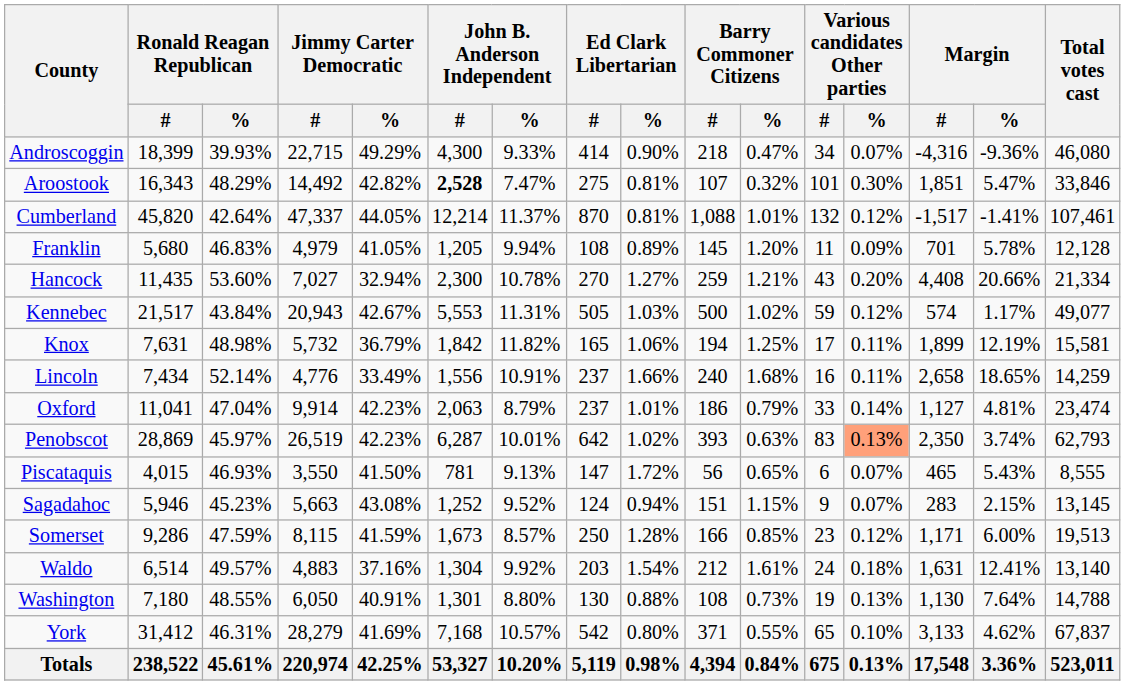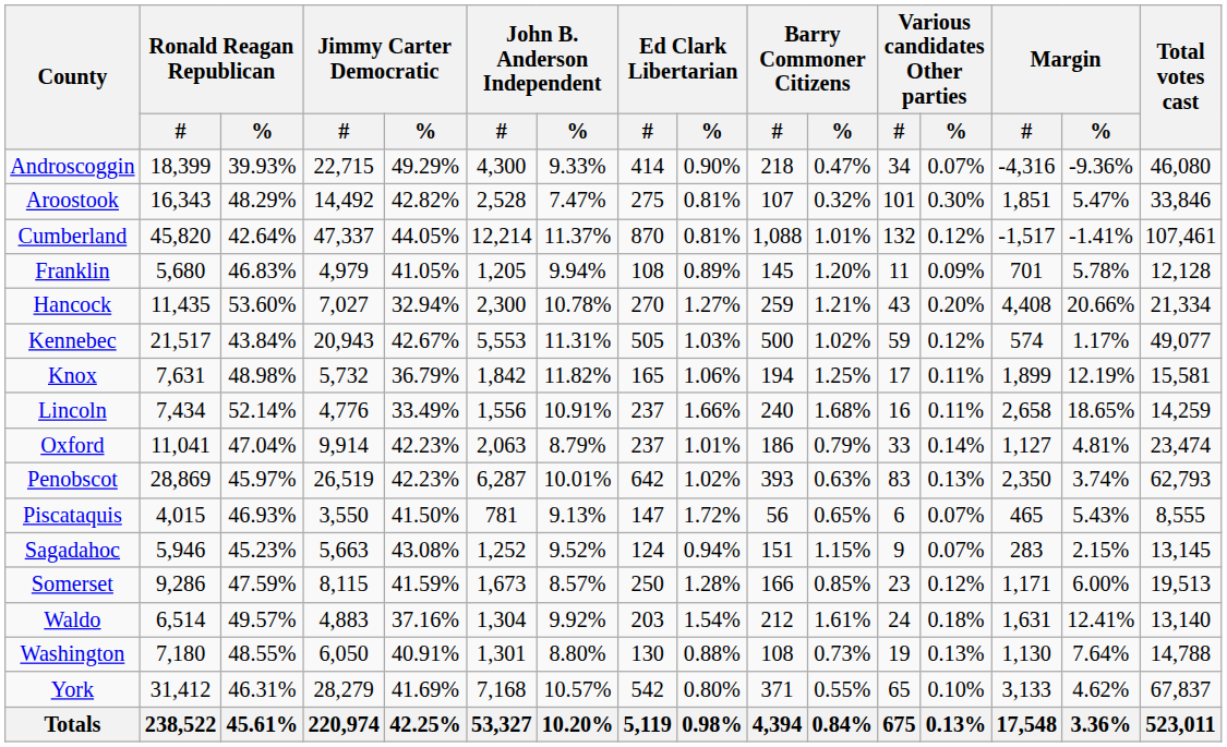 <table class="wikitable sortable" style="text-align:center">
 <tr>
 <th style="text-align:center;" rowspan="2">County</th>
 <th style="text-align:center;" colspan="2">Ronald Reagan<br>Republican</th>
 <th style="text-align:center;" colspan="2">Jimmy Carter<br>Democratic</th>
 <th style="text-align:center;" colspan="2">John B. Anderson<br>Independent</th>
 <th style="text-align:center;" colspan="2">Ed Clark<br>Libertarian</th>
 <th style="text-align:center;" colspan="2">Barry Commoner<br>Citizens</th>
 <th style="text-align:center;" colspan="2">Various candidates<br>Other parties</th>
 <th style="text-align:center;" colspan="2">Margin</th>
 <th style="text-align:center;" rowspan="2">Total votes cast</th>
 </tr>
 <tr>
 <th data-sort-type="number">#</th>
 <th data-sort-type="number">%</th>
 <th data-sort-type="number">#</th>
 <th data-sort-type="number">%</th>
 <th data-sort-type="number">#</th>
 <th data-sort-type="number">%</th>
 <th data-sort-type="number">#</th>
 <th data-sort-type="number">%</th>
 <th data-sort-type="number">#</th>
 <th data-sort-type="number">%</th>
 <th data-sort-type="number">#</th>
 <th data-sort-type="number">%</th>
 <th data-sort-type="number">#</th>
 <th data-sort-type="number">%</th>
 </tr>
 <tr style="text-align:center;">
 <td><a href='#'>Androscoggin</a></td>
 <td>18,399</td>
 <td>39.93%</td>
 <td>22,715</td>
 <td>49.29%</td>
 <td>4,300</td>
 <td>9.33%</td>
 <td>414</td>
 <td>0.90%</td>
 <td>218</td>
 <td>0.47%</td>
 <td>34</td>
 <td>0.07%</td>
 <td>-4,316</td>
 <td>-9.36%</td>
 <td>46,080</td>
 </tr>
 <tr style="text-align:center;">
 <td><a href='#'>Aroostook</a></td>
 <td>16,343</td>
 <td>48.29%</td>
 <td>14,492</td>
 <td>42.82%</td>
-<td><strong>2,528</strong></td>
+<td>2,528</td>
 <td>7.47%</td>
 <td>275</td>
 <td>0.81%</td>
 <td>107</td>
 <td>0.32%</td>
 <td>101</td>
 <td>0.30%</td>
 <td>1,851</td>
 <td>5.47%</td>
 <td>33,846</td>
 </tr>
 <tr style="text-align:center;">
 <td><a href='#'>Cumberland</a></td>
 <td>45,820</td>
 <td>42.64%</td>
 <td>47,337</td>
 <td>44.05%</td>
 <td>12,214</td>
 <td>11.37%</td>
 <td>870</td>
 <td>0.81%</td>
 <td>1,088</td>
 <td>1.01%</td>
 <td>132</td>
 <td>0.12%</td>
 <td>-1,517</td>
 <td>-1.41%</td>
 <td>107,461</td>
 </tr>
 <tr style="text-align:center;">
 <td><a href='#'>Franklin</a></td>
 <td>5,680</td>
 <td>46.83%</td>
 <td>4,979</td>
 <td>41.05%</td>
 <td>1,205</td>
 <td>9.94%</td>
 <td>108</td>
 <td>0.89%</td>
 <td>145</td>
 <td>1.20%</td>
 <td>11</td>
 <td>0.09%</td>
 <td>701</td>
 <td>5.78%</td>
 <td>12,128</td>
 </tr>
 <tr style="text-align:center;">
 <td><a href='#'>Hancock</a></td>
 <td>11,435</td>
 <td>53.60%</td>
 <td>7,027</td>
 <td>32.94%</td>
 <td>2,300</td>
 <td>10.78%</td>
 <td>270</td>
 <td>1.27%</td>
 <td>259</td>
 <td>1.21%</td>
 <td>43</td>
 <td>0.20%</td>
 <td>4,408</td>
 <td>20.66%</td>
 <td>21,334</td>
 </tr>
 <tr style="text-align:center;">
 <td><a href='#'>Kennebec</a></td>
 <td>21,517</td>
 <td>43.84%</td>
 <td>20,943</td>
 <td>42.67%</td>
 <td>5,553</td>
 <td>11.31%</td>
 <td>505</td>
 <td>1.03%</td>
 <td>500</td>
 <td>1.02%</td>
 <td>59</td>
 <td>0.12%</td>
 <td>574</td>
 <td>1.17%</td>
 <td>49,077</td>
 </tr>
 <tr style="text-align:center;">
 <td><a href='#'>Knox</a></td>
 <td>7,631</td>
 <td>48.98%</td>
 <td>5,732</td>
 <td>36.79%</td>
 <td>1,842</td>
 <td>11.82%</td>
 <td>165</td>
 <td>1.06%</td>
 <td>194</td>
 <td>1.25%</td>
 <td>17</td>
 <td>0.11%</td>
 <td>1,899</td>
 <td>12.19%</td>
 <td>15,581</td>
 </tr>
 <tr style="text-align:center;">
 <td><a href='#'>Lincoln</a></td>
 <td>7,434</td>
 <td>52.14%</td>
 <td>4,776</td>
 <td>33.49%</td>
 <td>1,556</td>
 <td>10.91%</td>
 <td>237</td>
 <td>1.66%</td>
 <td>240</td>
 <td>1.68%</td>
 <td>16</td>
 <td>0.11%</td>
 <td>2,658</td>
 <td>18.65%</td>
 <td>14,259</td>
 </tr>
 <tr style="text-align:center;">
 <td><a href='#'>Oxford</a></td>
 <td>11,041</td>
 <td>47.04%</td>
 <td>9,914</td>
 <td>42.23%</td>
 <td>2,063</td>
 <td>8.79%</td>
 <td>237</td>
 <td>1.01%</td>
 <td>186</td>
 <td>0.79%</td>
 <td>33</td>
 <td>0.14%</td>
 <td>1,127</td>
 <td>4.81%</td>
 <td>23,474</td>
 </tr>
 <tr style="text-align:center;">
 <td><a href='#'>Penobscot</a></td>
 <td>28,869</td>
 <td>45.97%</td>
 <td>26,519</td>
 <td>42.23%</td>
 <td>6,287</td>
 <td>10.01%</td>
 <td>642</td>
 <td>1.02%</td>
 <td>393</td>
 <td>0.63%</td>
 <td>83</td>
-<td style="background: lightsalmon;">0.13%</td>
+<td>0.13%</td>
 <td>2,350</td>
 <td>3.74%</td>
 <td>62,793</td>
 </tr>
 <tr style="text-align:center;">
 <td><a href='#'>Piscataquis</a></td>
 <td>4,015</td>
 <td>46.93%</td>
 <td>3,550</td>
 <td>41.50%</td>
 <td>781</td>
 <td>9.13%</td>
 <td>147</td>
 <td>1.72%</td>
 <td>56</td>
 <td>0.65%</td>
 <td>6</td>
 <td>0.07%</td>
 <td>465</td>
 <td>5.43%</td>
 <td>8,555</td>
 </tr>
 <tr style="text-align:center;">
 <td><a href='#'>Sagadahoc</a></td>
 <td>5,946</td>
 <td>45.23%</td>
 <td>5,663</td>
 <td>43.08%</td>
 <td>1,252</td>
 <td>9.52%</td>
 <td>124</td>
 <td>0.94%</td>
 <td>151</td>
 <td>1.15%</td>
 <td>9</td>
 <td>0.07%</td>
 <td>283</td>
 <td>2.15%</td>
 <td>13,145</td>
 </tr>
 <tr style="text-align:center;">
 <td><a href='#'>Somerset</a></td>
 <td>9,286</td>
 <td>47.59%</td>
 <td>8,115</td>
 <td>41.59%</td>
 <td>1,673</td>
 <td>8.57%</td>
 <td>250</td>
 <td>1.28%</td>
 <td>166</td>
 <td>0.85%</td>
 <td>23</td>
 <td>0.12%</td>
 <td>1,171</td>
 <td>6.00%</td>
 <td>19,513</td>
 </tr>
 <tr style="text-align:center;">
 <td><a href='#'>Waldo</a></td>
 <td>6,514</td>
 <td>49.57%</td>
 <td>4,883</td>
 <td>37.16%</td>
 <td>1,304</td>
 <td>9.92%</td>
 <td>203</td>
 <td>1.54%</td>
 <td>212</td>
 <td>1.61%</td>
 <td>24</td>
 <td>0.18%</td>
 <td>1,631</td>
 <td>12.41%</td>
 <td>13,140</td>
 </tr>
 <tr style="text-align:center;">
 <td><a href='#'>Washington</a></td>
 <td>7,180</td>
 <td>48.55%</td>
 <td>6,050</td>
 <td>40.91%</td>
 <td>1,301</td>
 <td>8.80%</td>
 <td>130</td>
 <td>0.88%</td>
 <td>108</td>
 <td>0.73%</td>
 <td>19</td>
 <td>0.13%</td>
 <td>1,130</td>
 <td>7.64%</td>
 <td>14,788</td>
 </tr>
 <tr style="text-align:center;">
 <td><a href='#'>York</a></td>
 <td>31,412</td>
 <td>46.31%</td>
 <td>28,279</td>
 <td>41.69%</td>
 <td>7,168</td>
 <td>10.57%</td>
 <td>542</td>
 <td>0.80%</td>
 <td>371</td>
 <td>0.55%</td>
 <td>65</td>
 <td>0.10%</td>
 <td>3,133</td>
 <td>4.62%</td>
 <td>67,837</td>
 </tr>
 <tr style="text-align:center;">
 <th>Totals</th>
 <th>238,522</th>
 <th>45.61%</th>
 <th>220,974</th>
 <th>42.25%</th>
 <th>53,327</th>
 <th>10.20%</th>
 <th>5,119</th>
 <th>0.98%</th>
 <th>4,394</th>
 <th>0.84%</th>
 <th>675</th>
 <th>0.13%</th>
 <th>17,548</th>
 <th>3.36%</th>
 <th>523,011</th>
 </tr>
 </table>
